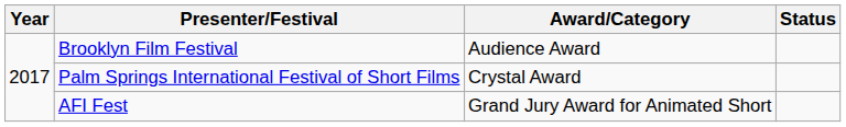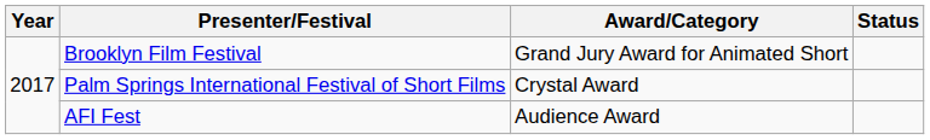 <table class="wikitable">
 <tr>
 <th>Year</th>
 <th>Presenter/Festival</th>
 <th>Award/Category</th>
 <th>Status</th>
 </tr>
 <tr>
 <td rowspan="10">2017</td>
 <td><a href='#'>Brooklyn Film Festival</a></td>
-<td>Audience Award</td>
+<td>Grand Jury Award for Animated Short</td>
 <td></td>
 </tr>
 <tr>
 <td><a href='#'>Palm Springs International Festival of Short Films</a></td>
 <td>Crystal Award</td>
 <td></td>
 </tr>
 <tr>
 <td><a href='#'>AFI Fest</a></td>
-<td>Grand Jury Award for Animated Short</td>
+<td>Audience Award</td>
 <td></td>
 </tr>
 </table>
